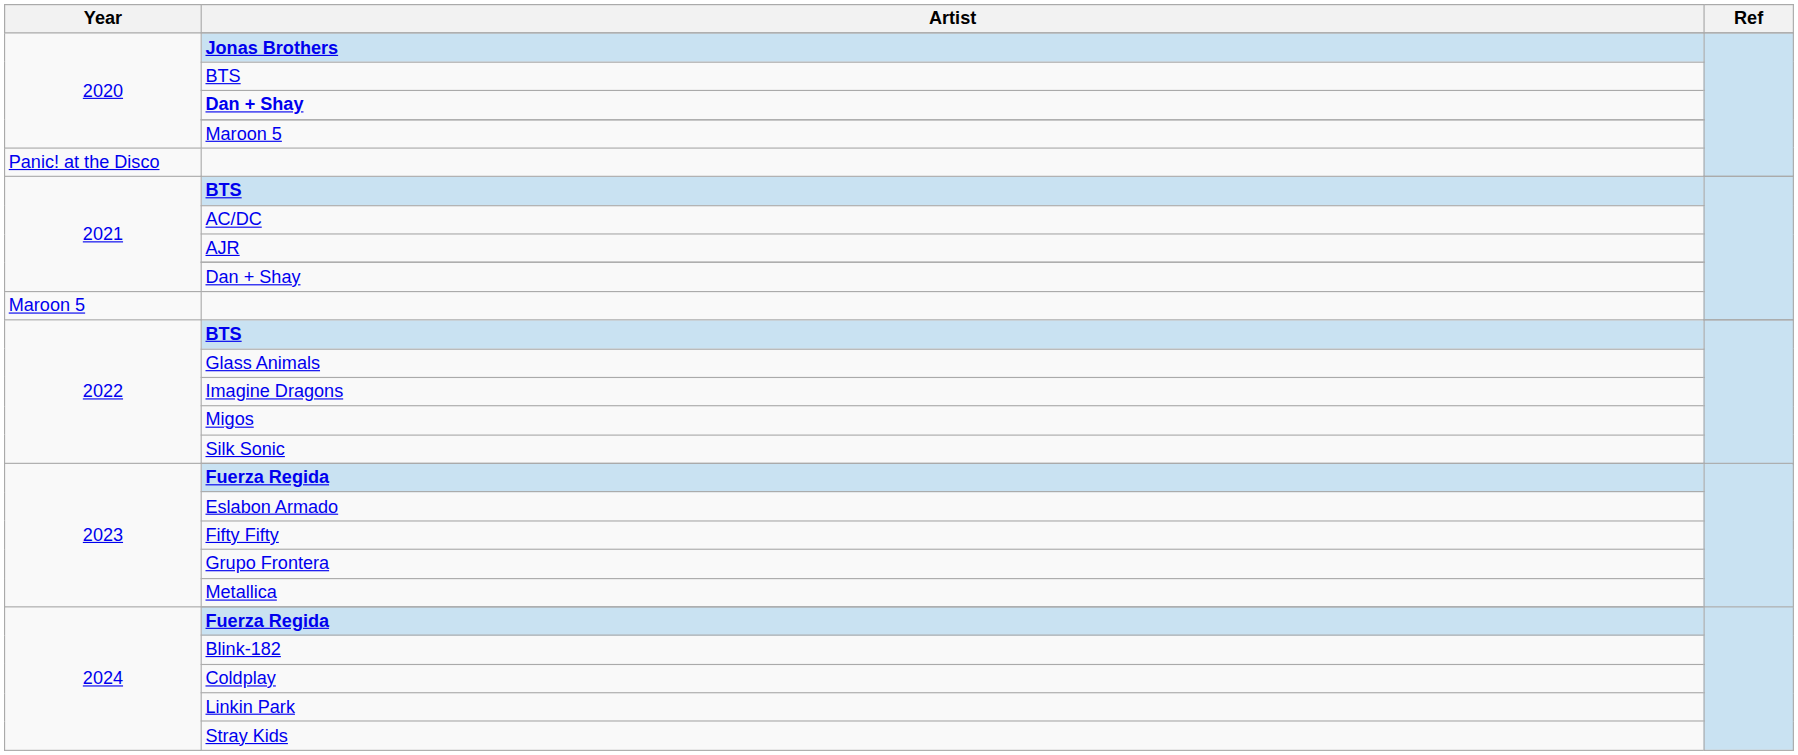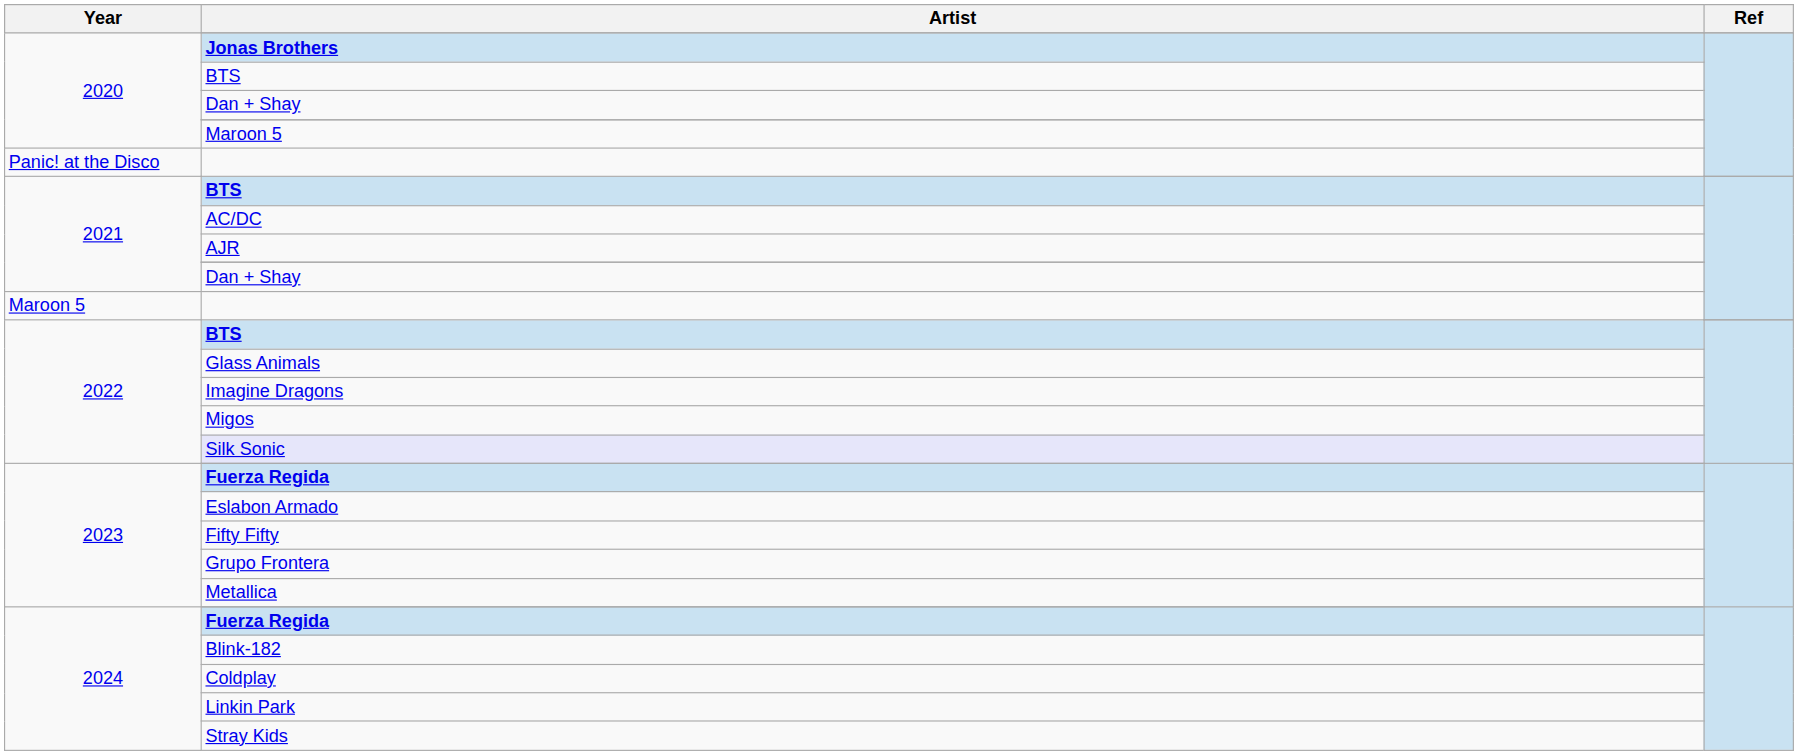 <table class="wikitable" style="width:100%;">
 <tr style="background:#bebebe;">
 <th style="width:11%;">Year</th>
 <th style="width:84%;">Artist</th>
 <th style="width:5%;">Ref</th>
 </tr>
 <tr>
 <td rowspan="6" align="center"><a href='#'>2020</a></td>
 </tr>
 <tr style="background:#c9e2f2">
 <td><strong><a href='#'>Jonas Brothers</a></strong></td>
 <td rowspan="6" align="center"></td>
 </tr>
 <tr>
 <td><a href='#'>BTS</a></td>
 </tr>
 <tr>
-<td><strong><a href='#'>Dan + Shay</a></strong></td>
+<td><a href='#'>Dan + Shay</a></td>
 </tr>
 <tr>
 </tr>
 <tr>
 <td><a href='#'>Maroon 5</a></td>
 </tr>
 <tr>
 <td><a href='#'>Panic! at the Disco</a></td>
 </tr>
 <tr>
 <td rowspan="6" align="center"><a href='#'>2021</a></td>
 </tr>
 <tr style="background:#c9e2f2">
 <td><strong><a href='#'>BTS</a></strong></td>
 <td rowspan="6" align="center"></td>
 </tr>
 <tr>
 <td><a href='#'>AC/DC</a></td>
 </tr>
 <tr>
 <td><a href='#'>AJR</a></td>
 </tr>
 <tr>
 </tr>
 <tr>
 <td><a href='#'>Dan + Shay</a></td>
 </tr>
 <tr>
 <td><a href='#'>Maroon 5</a></td>
 </tr>
 <tr>
 <td rowspan="6" align="center"><a href='#'>2022</a></td>
 </tr>
 <tr style="background:#c9e2f2">
 <td><strong><a href='#'>BTS</a></strong></td>
 <td rowspan="6" align="center"></td>
 </tr>
 <tr>
 <td><a href='#'>Glass Animals</a></td>
 </tr>
 <tr>
 <td><a href='#'>Imagine Dragons</a></td>
 </tr>
 <tr>
 <td><a href='#'>Migos</a></td>
 </tr>
 <tr>
-<td><a href='#'>Silk Sonic</a></td>
+<td style="background: lavender;"><a href='#'>Silk Sonic</a></td>
 </tr>
 <tr>
 <td rowspan="6" align="center"><a href='#'>2023</a></td>
 </tr>
 <tr style="background:#c9e2f2">
 <td><strong><a href='#'>Fuerza Regida</a></strong></td>
 <td rowspan="6" align="center"></td>
 </tr>
 <tr>
 <td><a href='#'>Eslabon Armado</a></td>
 </tr>
 <tr>
 <td><a href='#'>Fifty Fifty</a></td>
 </tr>
 <tr>
 <td><a href='#'>Grupo Frontera</a></td>
 </tr>
 <tr>
 <td><a href='#'>Metallica</a></td>
 </tr>
 <tr>
 <td rowspan="6" align="center"><a href='#'>2024</a></td>
 </tr>
 <tr style="background:#c9e2f2">
 <td><strong><a href='#'>Fuerza Regida</a></strong></td>
 <td rowspan="6" align="center"></td>
 </tr>
 <tr>
 <td><a href='#'>Blink-182</a></td>
 </tr>
 <tr>
 <td><a href='#'>Coldplay</a></td>
 </tr>
 <tr>
 <td><a href='#'>Linkin Park</a></td>
 </tr>
 <tr>
 <td><a href='#'>Stray Kids</a></td>
 </tr>
 </table>
